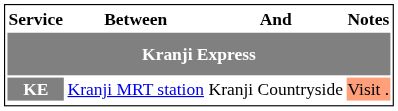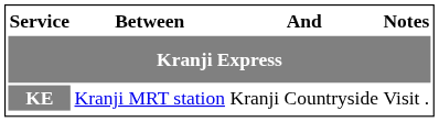 <table style="text-align:centre; font-size:95%; border:1px solid black">
 <tr>
 <th>Service</th>
 <th>Between</th>
 <th>And</th>
 <th>Notes</th>
 </tr>
 <tr>
 <th colspan="4" style="background-color:gray;color:white; height:35px">Kranji Express</th>
 </tr>
 <tr>
 <td style="background-color:gray;color:white;text-align:center;font-weight:bold;">KE</td>
 <td><a href='#'>Kranji MRT station</a></td>
 <td>Kranji Countryside</td>
-<td style="background: lightsalmon;">Visit .</td>
+<td>Visit .</td>
 </tr>
 <tr>
 </tr>
 </table>
